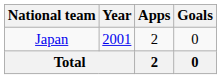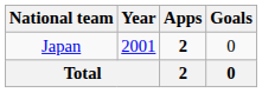 <table class="wikitable" style="text-align:center">
 <tr>
 <th>National team</th>
 <th>Year</th>
 <th>Apps</th>
 <th>Goals</th>
 </tr>
 <tr>
 <td><a href='#'>Japan</a></td>
 <td><a href='#'>2001</a></td>
-<td>2</td>
+<td><strong>2</strong></td>
 <td>0</td>
 </tr>
 <tr>
 <th colspan="2">Total</th>
 <th>2</th>
 <th>0</th>
 </tr>
 </table>
